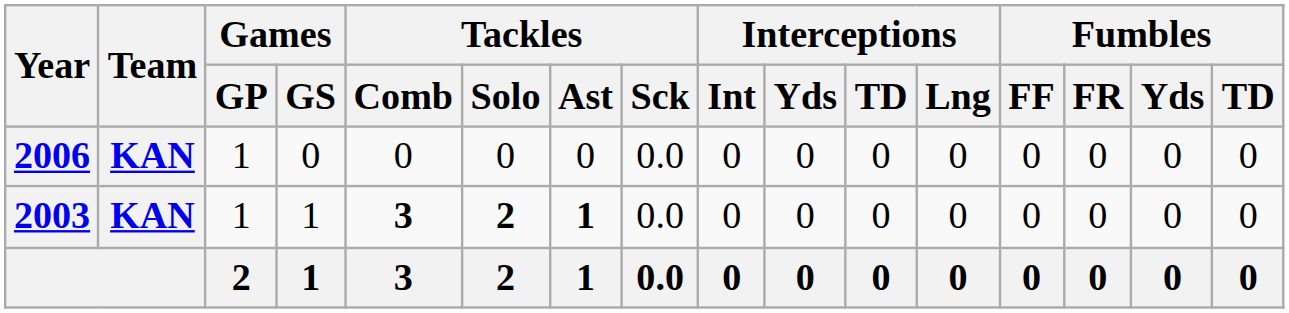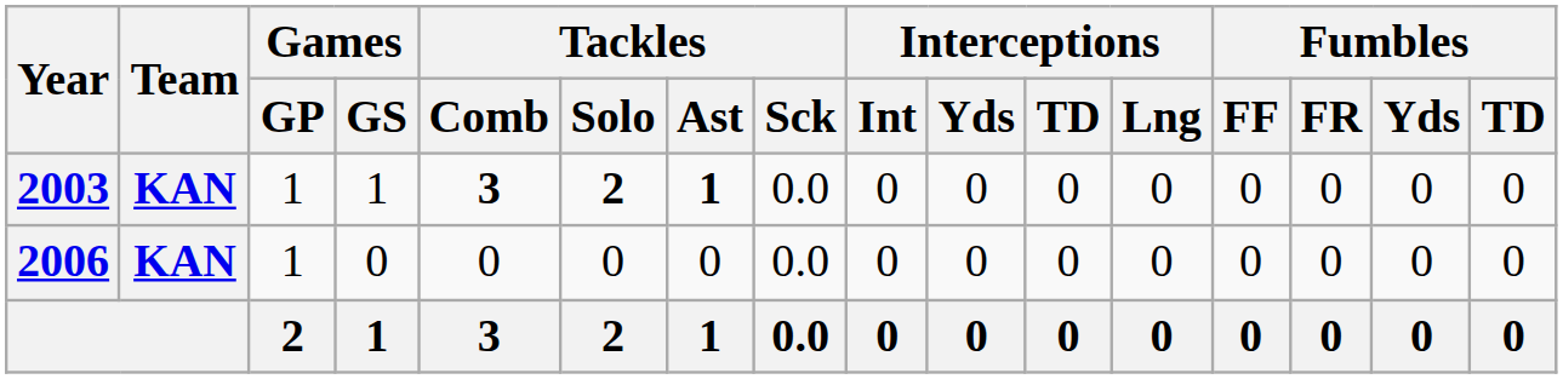 <table class="wikitable" style="text-align:center">
 <tr>
 <th rowspan="2">Year</th>
 <th rowspan="2">Team</th>
 <th colspan="2">Games</th>
 <th colspan="4">Tackles</th>
 <th colspan="4">Interceptions</th>
 <th colspan="4">Fumbles</th>
 </tr>
 <tr>
 <th>GP</th>
 <th>GS</th>
 <th>Comb</th>
 <th>Solo</th>
 <th>Ast</th>
 <th>Sck</th>
 <th>Int</th>
 <th>Yds</th>
 <th>TD</th>
 <th>Lng</th>
 <th>FF</th>
 <th>FR</th>
 <th>Yds</th>
 <th>TD</th>
 </tr>
 <tr>
-<th><a href='#'>2006</a></th>
+<th><a href='#'>2003</a></th>
 <th><a href='#'>KAN</a></th>
 <td>1</td>
-<td>0</td>
-<td>0</td>
-<td>0</td>
-<td>0</td>
+<td>1</td>
+<td><strong>3</strong></td>
+<td><strong>2</strong></td>
+<td><strong>1</strong></td>
 <td>0.0</td>
 <td>0</td>
 <td>0</td>
 <td>0</td>
 <td>0</td>
 <td>0</td>
 <td>0</td>
 <td>0</td>
 <td>0</td>
 </tr>
 <tr>
-<th><a href='#'>2003</a></th>
+<th><a href='#'>2006</a></th>
 <th><a href='#'>KAN</a></th>
 <td>1</td>
-<td>1</td>
-<td><strong>3</strong></td>
-<td><strong>2</strong></td>
-<td><strong>1</strong></td>
+<td>0</td>
+<td>0</td>
+<td>0</td>
+<td>0</td>
 <td>0.0</td>
 <td>0</td>
 <td>0</td>
 <td>0</td>
 <td>0</td>
 <td>0</td>
 <td>0</td>
 <td>0</td>
 <td>0</td>
 </tr>
 <tr>
 <th colspan="2"></th>
 <th>2</th>
 <th>1</th>
 <th>3</th>
 <th>2</th>
 <th>1</th>
 <th>0.0</th>
 <th>0</th>
 <th>0</th>
 <th>0</th>
 <th>0</th>
 <th>0</th>
 <th>0</th>
 <th>0</th>
 <th>0</th>
 </tr>
 </table>
